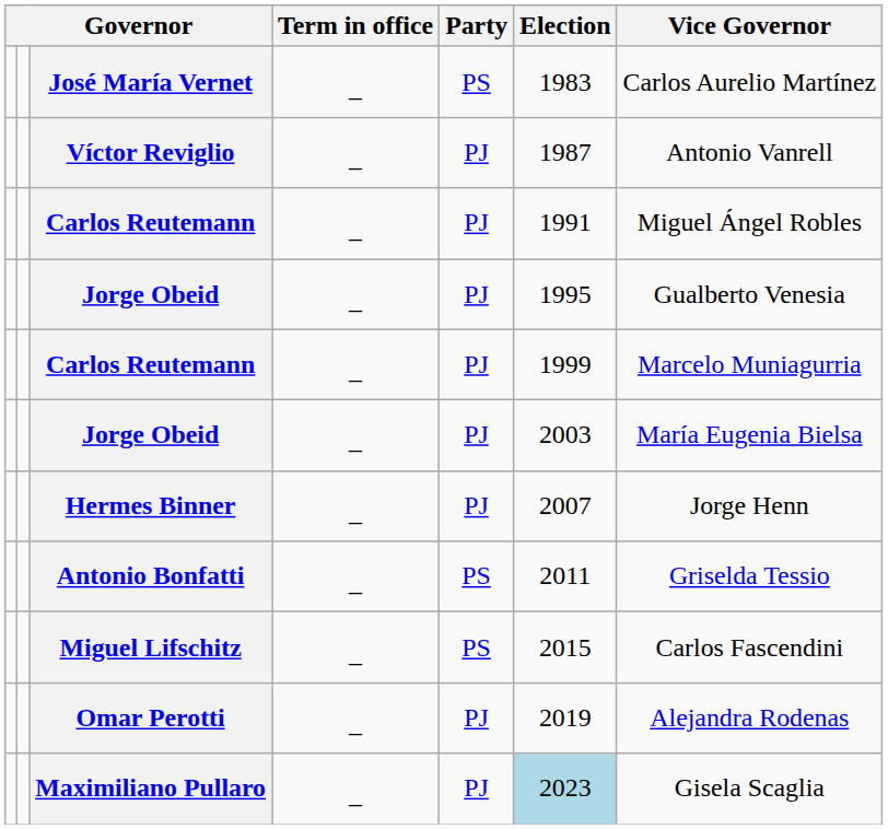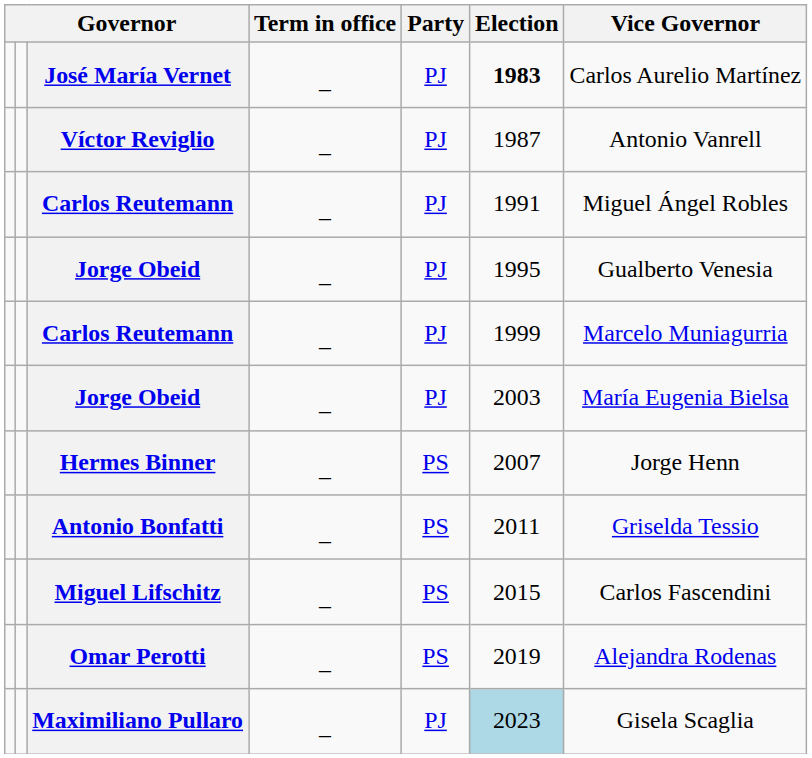 <table class="wikitable sortable" style="text-align: center;">
 <tr>
 <th scope="col" colspan="3">Governor</th>
 <th scope="col">Term in office</th>
 <th scope="col">Party</th>
 <th scope="col">Election</th>
 <th scope="col">Vice Governor</th>
 </tr>
 <tr style="height:2em;">
 <td data-sort-value="Vernet, José María"></td>
 <td style="background:"></td>
 <th scope="row"><a href='#'>José María Vernet</a></th>
 <td><br>–<br></td>
-<td><a href='#'>PS</a></td>
-<td>1983</td>
+<td><a href='#'>PJ</a></td>
+<td><strong>1983</strong></td>
 <td data-sort-value="Martínez, Carlos Aurelio">Carlos Aurelio Martínez</td>
 </tr>
 <tr style="height:2em;">
 <td data-sort-value="Reviglio, Víctor"></td>
 <td style="background:"></td>
 <th scope="row"><a href='#'>Víctor Reviglio</a></th>
 <td><br>–<br></td>
 <td><a href='#'>PJ</a></td>
 <td>1987</td>
 <td data-sort-value="Vanrell, Antonio">Antonio Vanrell</td>
 </tr>
 <tr style="height:2em;">
 <td data-sort-value="Reutemann, Carlos"></td>
 <td style="background:"></td>
 <th scope="row"><a href='#'>Carlos Reutemann</a></th>
 <td><br>–<br></td>
 <td><a href='#'>PJ</a></td>
 <td>1991</td>
 <td data-sort-value="Robles, Miguel Ángel">Miguel Ángel Robles</td>
 </tr>
 <tr style="height:2em;">
 <td data-sort-value="Obeid, Jorge"></td>
 <td style="background:"></td>
 <th scope="row"><a href='#'>Jorge Obeid</a></th>
 <td><br>–<br></td>
 <td><a href='#'>PJ</a></td>
 <td>1995</td>
 <td data-sort-value="Venesia, Gualberto">Gualberto Venesia</td>
 </tr>
 <tr style="height:2em;">
 <td data-sort-value="Reutemann, Carlos"></td>
 <td style="background:"></td>
 <th scope="row"><a href='#'>Carlos Reutemann</a></th>
 <td><br>–<br></td>
 <td><a href='#'>PJ</a></td>
 <td>1999</td>
 <td data-sort-value="Muniagurria, Marcelo"><a href='#'>Marcelo Muniagurria</a></td>
 </tr>
 <tr style="height:2em;">
 <td data-sort-value="Obeid, Jorge"></td>
 <td style="background:"></td>
 <th scope="row"><a href='#'>Jorge Obeid</a></th>
 <td><br>–<br></td>
 <td><a href='#'>PJ</a></td>
 <td>2003</td>
 <td data-sort-value="Bielsa, María Eugenia"><a href='#'>María Eugenia Bielsa</a></td>
 </tr>
 <tr style="height:2em;">
 <td data-sort-value="Bonfatti, Antonio"></td>
 <td style="background:"></td>
 <th scope="row"><a href='#'>Hermes Binner</a></th>
 <td><br>–<br></td>
-<td><a href='#'>PJ</a></td>
+<td><a href='#'>PS</a></td>
 <td>2007</td>
 <td data-sort-value="Henn, Jorge">Jorge Henn</td>
 </tr>
 <tr style="height:2em;">
 <td data-sort-value="Bonfatti, Antonio"></td>
 <td style="background:"></td>
 <th scope="row"><a href='#'>Antonio Bonfatti</a></th>
 <td><br>–<br></td>
 <td><a href='#'>PS</a></td>
 <td>2011</td>
 <td data-sort-value="Tessio, Griselda"><a href='#'>Griselda Tessio</a></td>
 </tr>
 <tr style="height:2em;">
 <td data-sort-value="Lifschitz, Miguel"></td>
 <td style="background:"></td>
 <th scope="row"><a href='#'>Miguel Lifschitz</a></th>
 <td><br>–<br></td>
 <td><a href='#'>PS</a></td>
 <td>2015</td>
 <td data-sort-value="Fascendini, Carlos">Carlos Fascendini</td>
 </tr>
 <tr style="height:2em;">
 <td data-sort-value="Perotti, Omar"></td>
 <td style="background:"></td>
 <th scope="row"><a href='#'>Omar Perotti</a></th>
 <td><br>–<br></td>
-<td><a href='#'>PJ</a></td>
+<td><a href='#'>PS</a></td>
 <td>2019</td>
 <td data-sort-value="Rodenas, Alejandra"><a href='#'>Alejandra Rodenas</a></td>
 </tr>
 <tr style="height:2em;">
 <td data-sort-value="Pullaro, Maximiliano"></td>
 <td style="background:"></td>
 <th scope="row"><a href='#'>Maximiliano Pullaro</a></th>
 <td><br>–<br></td>
 <td><a href='#'>PJ</a></td>
 <td style="background: lightblue;">2023</td>
 <td data-sort-value="Scaglia, Gisela">Gisela Scaglia</td>
 </tr>
 </table>
